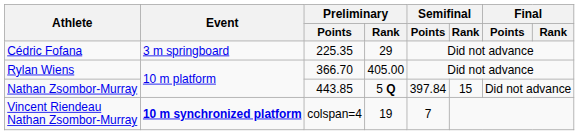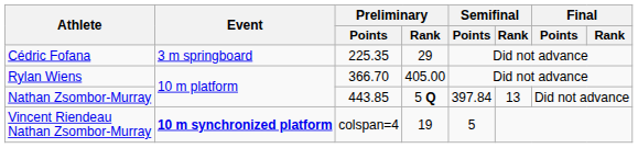 <table class=wikitable style=font-size:90%;text-align:center>
 <tr>
 <th rowspan=2>Athlete</th>
 <th rowspan=2>Event</th>
 <th colspan=2>Preliminary</th>
 <th colspan=2>Semifinal</th>
 <th colspan=2>Final</th>
 </tr>
 <tr style=font-size:95%>
 <th>Points</th>
 <th>Rank</th>
 <th>Points</th>
 <th>Rank</th>
 <th>Points</th>
 <th>Rank</th>
 </tr>
 <tr>
 <td align=left><a href='#'>Cédric Fofana</a></td>
 <td align=left><a href='#'>3 m springboard</a></td>
 <td>225.35</td>
 <td>29</td>
 <td colspan=4>Did not advance</td>
 </tr>
 <tr>
 <td align=left><a href='#'>Rylan Wiens</a></td>
 <td align=left rowspan=2><a href='#'>10 m platform</a></td>
 <td>366.70</td>
 <td>405.00</td>
 <td colspan="4">Did not advance</td>
 </tr>
 <tr>
 <td align=left><a href='#'>Nathan Zsombor-Murray</a></td>
 <td>443.85</td>
 <td>5 <strong>Q</strong></td>
 <td>397.84</td>
-<td>15</td>
+<td>13</td>
 <td colspan="2">Did not advance</td>
 </tr>
 <tr>
 <td align=left><a href='#'>Vincent Riendeau</a><br><a href='#'>Nathan Zsombor-Murray</a></td>
 <td align=left><strong><a href='#'>10 m synchronized platform</a></strong></td>
 <td>colspan=4 </td>
 <td>19</td>
-<td>7</td>
+<td>5</td>
 </tr>
 </table>
